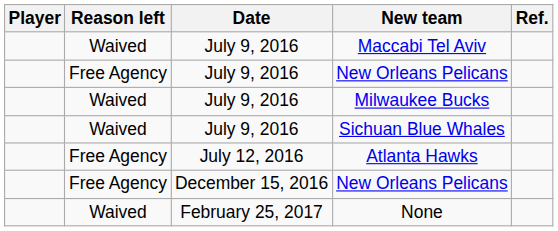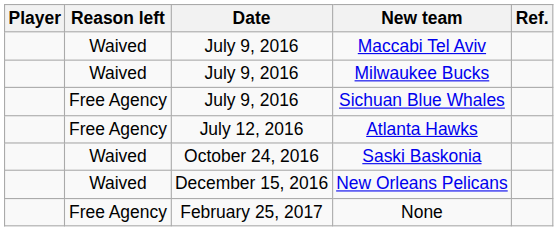 <table class="wikitable sortable sortable" style="text-align: center;">
 <tr>
 <th>Player</th>
 <th>Reason left</th>
 <th>Date</th>
 <th>New team</th>
 <th>Ref.</th>
 </tr>
 <tr>
 <td></td>
 <td>Waived</td>
 <td>July 9, 2016</td>
 <td> <a href='#'>Maccabi Tel Aviv</a></td>
 <td></td>
 </tr>
 <tr>
 <td></td>
-<td>Free Agency</td>
-<td>July 9, 2016</td>
-<td><a href='#'>New Orleans Pelicans</a></td>
-<td></td>
-</tr>
-<tr>
-<td></td>
 <td>Waived</td>
 <td>July 9, 2016</td>
 <td><a href='#'>Milwaukee Bucks</a></td>
 <td></td>
 </tr>
 <tr>
 <td></td>
-<td>Waived</td>
+<td>Free Agency</td>
 <td>July 9, 2016</td>
 <td> <a href='#'>Sichuan Blue Whales</a></td>
 <td></td>
 </tr>
 <tr>
 <td></td>
 <td>Free Agency</td>
 <td>July 12, 2016</td>
 <td><a href='#'>Atlanta Hawks</a></td>
 <td></td>
 </tr>
 <tr>
 <td></td>
-<td>Free Agency</td>
+<td>Waived</td>
+<td>October 24, 2016</td>
+<td> <a href='#'>Saski Baskonia</a></td>
+<td></td>
+</tr>
+<tr>
+<td></td>
+<td>Waived</td>
 <td>December 15, 2016</td>
 <td><a href='#'>New Orleans Pelicans</a></td>
 <td></td>
 </tr>
 <tr>
 <td></td>
-<td>Waived</td>
+<td>Free Agency</td>
 <td>February 25, 2017</td>
 <td>None</td>
 <td></td>
 </tr>
 </table>
